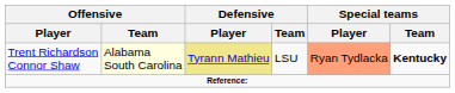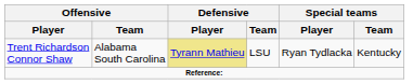 <table class="wikitable" border="1">
 <tr>
 <th colspan="2">Offensive</th>
 <th colspan="2">Defensive</th>
 <th colspan="2">Special teams</th>
 </tr>
 <tr>
 <th>Player</th>
 <th>Team</th>
 <th>Player</th>
 <th>Team</th>
 <th>Player</th>
 <th>Team</th>
 </tr>
 <tr>
 <td><a href='#'>Trent Richardson</a><br><a href='#'>Connor Shaw</a></td>
-<td style="background: lightyellow;">Alabama<br>South Carolina</td>
+<td>Alabama<br>South Carolina</td>
 <td style="background: khaki;"><a href='#'>Tyrann Mathieu</a></td>
 <td>LSU</td>
-<td style="background: lightsalmon;">Ryan Tydlacka</td>
-<td><strong>Kentucky</strong></td>
+<td>Ryan Tydlacka</td>
+<td>Kentucky</td>
 </tr>
 <tr>
 <td colspan="6" style="font-size: 8pt" align="center"><strong>Reference:</strong></td>
 </tr>
 </table>
